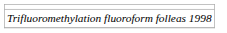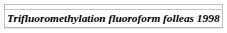 <table align="center"  class="wikitable" style="background-color:white;">
 <tr>
 <td></td>
 </tr>
 <tr>
-<td><em>Trifluoromethylation fluoroform folleas 1998</em></td>
+<td><strong><em>Trifluoromethylation fluoroform folleas 1998</em></strong></td>
 </tr>
 <tr>
 </tr>
 </table>
